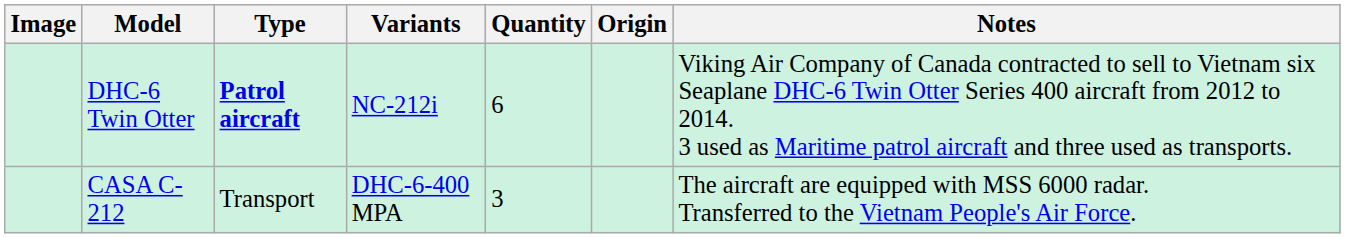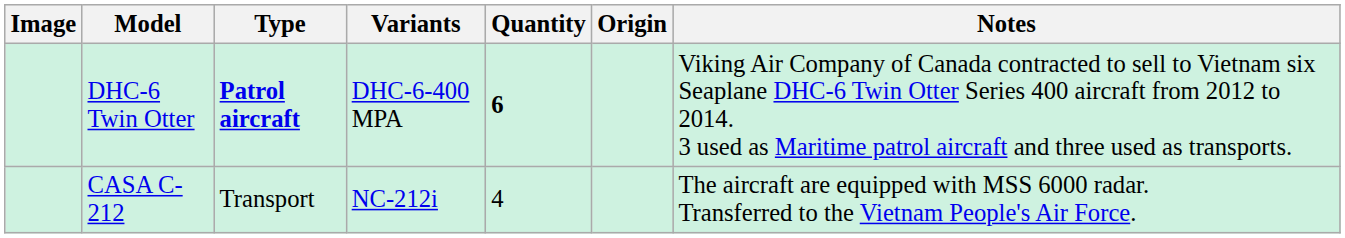 <table class="wikitable">
 <tr>
 <th>Image</th>
 <th>Model</th>
 <th>Type</th>
 <th>Variants</th>
 <th>Quantity</th>
 <th>Origin</th>
 <th>Notes</th>
 </tr>
 <tr>
 <td style="background: #CEF2E0"></td>
 <td style="background: #CEF2E0"><a href='#'>DHC-6 Twin Otter</a></td>
 <td style="background: #CEF2E0"><strong><a href='#'>Patrol aircraft</a></strong></td>
-<td style="background: #CEF2E0"><a href='#'>NC-212i</a></td>
-<td style="background: #CEF2E0">6</td>
+<td style="background: #CEF2E0"><a href='#'>DHC-6-400</a> MPA</td>
+<td style="background: #CEF2E0"><strong>6</strong></td>
 <td style="background: #CEF2E0"></td>
 <td style="background: #CEF2E0">Viking Air Company of Canada contracted to sell to Vietnam six Seaplane <a href='#'>DHC-6 Twin Otter</a> Series 400 aircraft from 2012 to 2014.<br>3 used as <a href='#'>Maritime patrol aircraft</a> and three used as transports.</td>
 </tr>
 <tr>
 <td style="background: #CEF2E0"></td>
 <td style="background: #CEF2E0"><a href='#'>CASA C-212</a></td>
 <td style="background: #CEF2E0">Transport</td>
-<td style="background: #CEF2E0"><a href='#'>DHC-6-400</a> MPA</td>
-<td style="background: #CEF2E0">3</td>
+<td style="background: #CEF2E0"><a href='#'>NC-212i</a></td>
+<td style="background: #CEF2E0">4</td>
 <td style="background: #CEF2E0"></td>
 <td style="background: #CEF2E0">The aircraft are equipped with MSS 6000 radar.<br>Transferred to the <a href='#'>Vietnam People's Air Force</a>.</td>
 </tr>
 </table>
